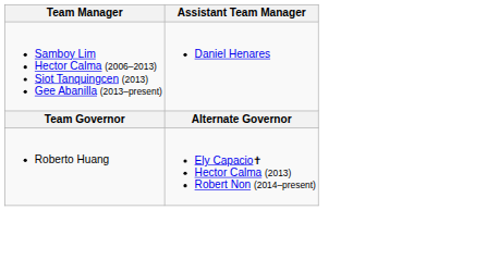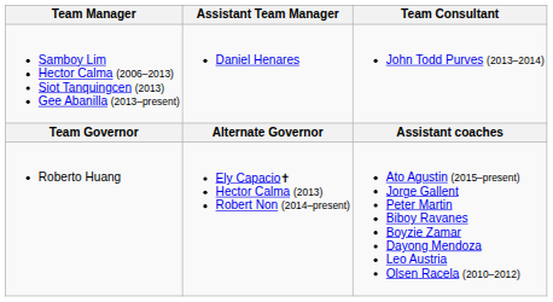 <table class=wikitable>
 <tr>
 <th>Team Manager</th>
 <th>Assistant Team Manager</th>
+<th>Team Consultant</th>
 </tr>
 <tr>
 <td valign="top"><br><ul><li><a href='#'>Samboy Lim</a></li><li><a href='#'>Hector Calma</a> <small>(2006–2013)</small></li><li><a href='#'>Siot Tanquingcen</a> <small>(2013)</small></li><li><a href='#'>Gee Abanilla</a> <small>(2013–present)</small></li></ul></td>
 <td valign="top"><br><ul><li><a href='#'>Daniel Henares</a></li></ul></td>
+<td valign="top"><br><ul><li><a href='#'>John Todd Purves</a> <small>(2013–2014)</small></li></ul></td>
 </tr>
 <tr>
 <th>Team Governor</th>
 <th>Alternate Governor</th>
+<th>Assistant coaches</th>
 </tr>
 <tr>
 <td valign="top"><br><ul><li>Roberto Huang</li></ul></td>
 <td valign="top"><br><ul><li><a href='#'>Ely Capacio</a>✝</li><li><a href='#'>Hector Calma</a> <small>(2013)</small></li><li><a href='#'>Robert Non</a> <small>(2014–present)</small></li></ul></td>
+<td valign="top"><br><ul><li><a href='#'>Ato Agustin</a> <small>(2015–present)</small></li><li><a href='#'>Jorge Gallent</a></li><li><a href='#'>Peter Martin</a></li><li><a href='#'>Biboy Ravanes</a></li><li><a href='#'>Boyzie Zamar</a></li><li><a href='#'>Dayong Mendoza</a></li><li><a href='#'>Leo Austria</a></li><li><a href='#'>Olsen Racela</a> <small>(2010–2012)</small></li></ul></td>
 </tr>
 </table>
